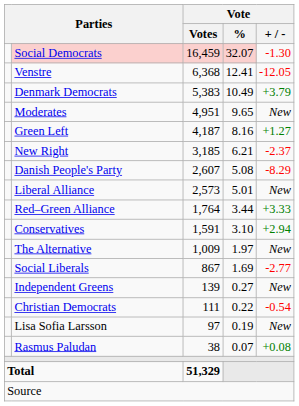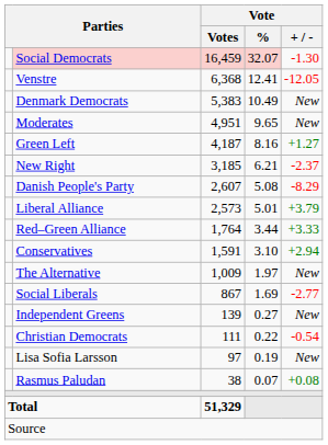 <table class="wikitable" style="text-align:right;">
 <tr>
 <th style="text-align:centre;" rowspan="2" colspan="2" width="225">Parties</th>
 <th colspan="3">Vote</th>
 </tr>
 <tr>
 <th width="15">Votes</th>
 <th width="15">%</th>
 <th width="15">+ / -</th>
 </tr>
 <tr>
 <td width="2" style="color:inherit;background:"></td>
 <td bgcolor=#fbd0ce  align="left"><a href='#'>Social Democrats</a></td>
 <td bgcolor=#fbd0ce>16,459</td>
 <td bgcolor=#fbd0ce>32.07</td>
 <td style=color:red;>-1.30</td>
 </tr>
 <tr>
 <td width="2" style="color:inherit;background:"></td>
 <td align="left"><a href='#'>Venstre</a></td>
 <td>6,368</td>
 <td>12.41</td>
 <td style=color:red;>-12.05</td>
 </tr>
 <tr>
 <td width="2" style="color:inherit;background:"></td>
 <td align="left"><a href='#'>Denmark Democrats</a></td>
 <td>5,383</td>
 <td>10.49</td>
-<td style=color:green;>+3.79</td>
+<td><em>New</em></td>
 </tr>
 <tr>
 <td width="2" style="color:inherit;background:"></td>
 <td align="left"><a href='#'>Moderates</a></td>
 <td>4,951</td>
 <td>9.65</td>
 <td><em>New</em></td>
 </tr>
 <tr>
 <td width="2" style="color:inherit;background:"></td>
 <td align="left"><a href='#'>Green Left</a></td>
 <td>4,187</td>
 <td>8.16</td>
 <td style=color:green;>+1.27</td>
 </tr>
 <tr>
 <td width="2" style="color:inherit;background:"></td>
 <td align="left"><a href='#'>New Right</a></td>
 <td>3,185</td>
 <td>6.21</td>
 <td style=color:red;>-2.37</td>
 </tr>
 <tr>
 <td width="2" style="color:inherit;background:"></td>
 <td align="left"><a href='#'>Danish People's Party</a></td>
 <td>2,607</td>
 <td>5.08</td>
 <td style=color:red;>-8.29</td>
 </tr>
 <tr>
 <td width="2" style="color:inherit;background:"></td>
 <td align="left"><a href='#'>Liberal Alliance</a></td>
 <td>2,573</td>
 <td>5.01</td>
-<td><em>New</em></td>
+<td style=color:green;>+3.79</td>
 </tr>
 <tr>
 <td width="2" style="color:inherit;background:"></td>
 <td align="left"><a href='#'>Red–Green Alliance</a></td>
 <td>1,764</td>
 <td>3.44</td>
 <td style=color:green;>+3.33</td>
 </tr>
 <tr>
 <td width="2" style="color:inherit;background:"></td>
 <td align="left"><a href='#'>Conservatives</a></td>
 <td>1,591</td>
 <td>3.10</td>
 <td style=color:green;>+2.94</td>
 </tr>
 <tr>
 <td width="2" style="color:inherit;background:"></td>
 <td align="left"><a href='#'>The Alternative</a></td>
 <td>1,009</td>
 <td>1.97</td>
 <td><em>New</em></td>
 </tr>
 <tr>
 <td width="2" style="color:inherit;background:"></td>
 <td align="left"><a href='#'>Social Liberals</a></td>
 <td>867</td>
 <td>1.69</td>
 <td style=color:red;>-2.77</td>
 </tr>
 <tr>
 <td width="2" style="color:inherit;background:"></td>
 <td align="left"><a href='#'>Independent Greens</a></td>
 <td>139</td>
 <td>0.27</td>
 <td><em>New</em></td>
 </tr>
 <tr>
 <td width="2" style="color:inherit;background:"></td>
 <td align="left"><a href='#'>Christian Democrats</a></td>
 <td>111</td>
 <td>0.22</td>
 <td style=color:red;>-0.54</td>
 </tr>
 <tr>
 <td width="2" style="color:inherit;background:"></td>
 <td align="left">Lisa Sofia Larsson</td>
 <td>97</td>
 <td>0.19</td>
 <td><em>New</em></td>
 </tr>
 <tr>
 <td width="2" style="color:inherit;background:"></td>
 <td align="left"><a href='#'>Rasmus Paludan</a></td>
 <td>38</td>
 <td>0.07</td>
 <td style=color:green;>+0.08</td>
 </tr>
 <tr>
 <td colspan="7" bgcolor="#E9E9E9"></td>
 </tr>
 <tr>
 <td align="left" colspan="2"><strong>Total</strong></td>
 <td><strong>51,329</strong></td>
 <td bgcolor="#E9E9E9" colspan="2"></td>
 </tr>
 <tr>
 <td align="left" colspan="6">Source</td>
 </tr>
 </table>
